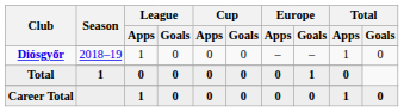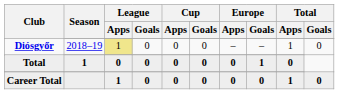 <table class="wikitable" style="font-size:90%; text-align: center;">
 <tr>
 <th rowspan="2">Club</th>
 <th rowspan="2">Season</th>
 <th colspan="2">League</th>
 <th colspan="2">Cup</th>
 <th colspan="2">Europe</th>
 <th colspan="2">Total</th>
 </tr>
 <tr>
 <th>Apps</th>
 <th>Goals</th>
 <th>Apps</th>
 <th>Goals</th>
 <th>Apps</th>
 <th>Goals</th>
 <th>Apps</th>
 <th>Goals</th>
 </tr>
 <tr ||-||-||-|->
 <td rowspan="3" valign="center"><strong><a href='#'>Diósgyőr</a></strong></td>
 </tr>
 <tr>
 <td><a href='#'>2018–19</a></td>
-<td>1</td>
+<td style="background: khaki;">1</td>
 <td>0</td>
 <td>0</td>
 <td>0</td>
 <td>–</td>
 <td>–</td>
 <td>1</td>
 <td>0</td>
 </tr>
 <tr>
 </tr>
 <tr style="font-weight:bold; background-color:#eeeeee;">
 <td>Total</td>
 <td>1</td>
 <td>0</td>
 <td>0</td>
 <td>0</td>
 <td>0</td>
 <td>0</td>
 <td>1</td>
 <td>0</td>
 </tr>
 <tr>
 </tr>
 <tr style="font-weight:bold; background-color:#eeeeee;">
 <td rowspan="2" valign="top"><strong>Career Total</strong></td>
 <td></td>
 <td><strong>1</strong></td>
 <td><strong>0</strong></td>
 <td><strong>0</strong></td>
 <td><strong>0</strong></td>
 <td><strong>0</strong></td>
 <td><strong>0</strong></td>
 <td><strong>1</strong></td>
 <td><strong>0</strong></td>
 </tr>
 </table>
